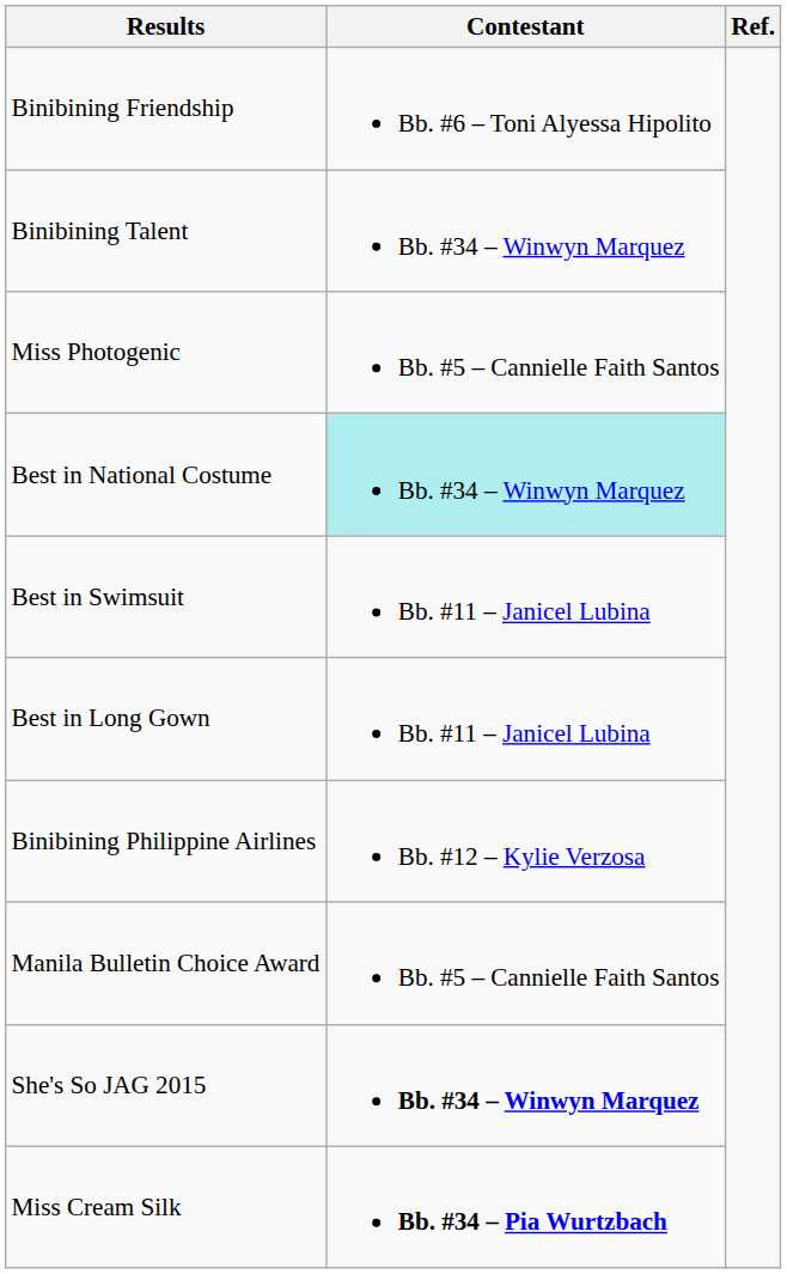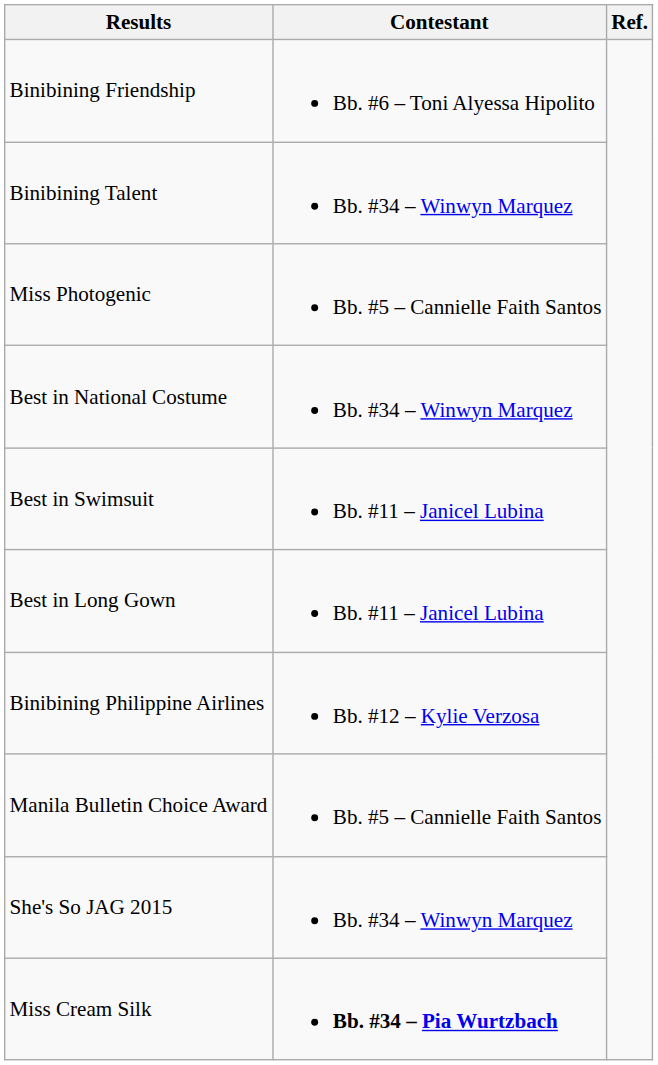 <table class="wikitable sortable" style="font-size: 95%;">
 <tr>
 <th>Results</th>
 <th>Contestant</th>
 <th>Ref.</th>
 </tr>
 <tr>
 <td>Binibining Friendship</td>
 <td><br><ul><li>Bb. #6 – Toni Alyessa Hipolito</li></ul></td>
 <td rowspan="11" style="text-align:center;"></td>
 </tr>
 <tr>
 <td>Binibining Talent</td>
 <td><br><ul><li>Bb. #34 – <a href='#'>Winwyn Marquez</a></li></ul></td>
 </tr>
 <tr>
 <td>Miss Photogenic</td>
 <td><br><ul><li>Bb. #5 – Cannielle Faith Santos</li></ul></td>
 </tr>
 <tr>
 <td>Best in National Costume</td>
-<td style="background: paleturquoise;"><br><ul><li>Bb. #34 – <a href='#'>Winwyn Marquez</a></li></ul></td>
+<td><br><ul><li>Bb. #34 – <a href='#'>Winwyn Marquez</a></li></ul></td>
 </tr>
 <tr>
 <td>Best in Swimsuit</td>
 <td><br><ul><li>Bb. #11 – <a href='#'>Janicel Lubina</a></li></ul></td>
 </tr>
 <tr>
 <td>Best in Long Gown</td>
 <td><br><ul><li>Bb. #11 – <a href='#'>Janicel Lubina</a></li></ul></td>
 </tr>
 <tr>
 <td>Binibining Philippine Airlines</td>
 <td><br><ul><li>Bb. #12 – <a href='#'>Kylie Verzosa</a></li></ul></td>
 </tr>
 <tr>
 <td>Manila Bulletin Choice Award</td>
 <td><br><ul><li>Bb. #5 – Cannielle Faith Santos</li></ul></td>
 </tr>
 <tr>
 <td>She's So JAG 2015</td>
-<td><strong><br><ul><li>Bb. #34 – <a href='#'>Winwyn Marquez</a></li></ul></strong></td>
+<td><br><ul><li>Bb. #34 – <a href='#'>Winwyn Marquez</a></li></ul></td>
 </tr>
 <tr>
 <td>Miss Cream Silk</td>
 <td><strong><br><ul><li>Bb. #34 – <a href='#'>Pia Wurtzbach</a></li></ul></strong></td>
 </tr>
 </table>
